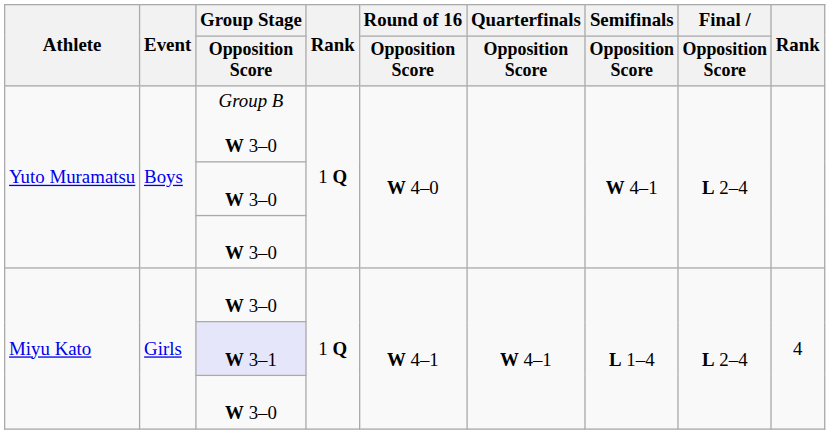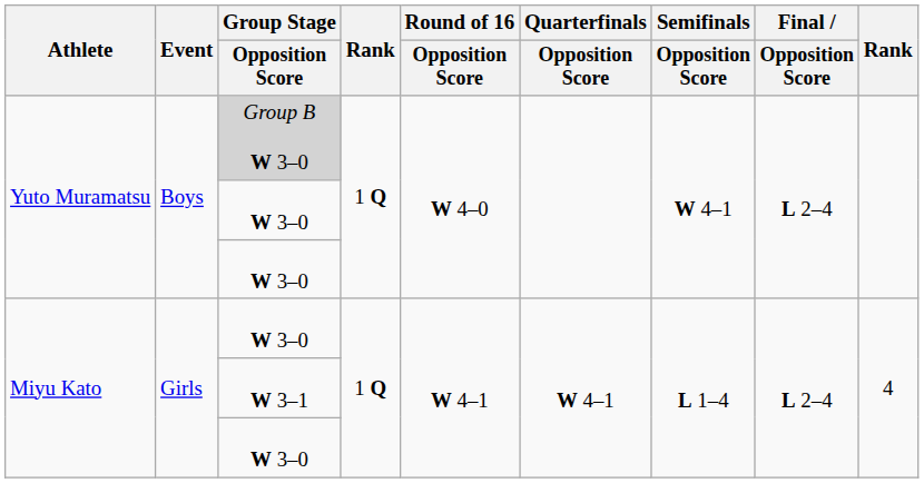 <table class=wikitable style="font-size:90%">
 <tr>
 <th rowspan="2">Athlete</th>
 <th rowspan="2">Event</th>
 <th>Group Stage</th>
 <th rowspan="2">Rank</th>
 <th>Round of 16</th>
 <th>Quarterfinals</th>
 <th>Semifinals</th>
 <th>Final / </th>
 <th rowspan=2>Rank</th>
 </tr>
 <tr style="font-size:95%">
 <th>Opposition<br>Score</th>
 <th>Opposition<br>Score</th>
 <th>Opposition<br>Score</th>
 <th>Opposition<br>Score</th>
 <th>Opposition<br>Score</th>
 </tr>
 <tr align=center>
 <td align=left rowspan=3><a href='#'>Yuto Muramatsu</a></td>
 <td align=left rowspan=3><a href='#'>Boys</a></td>
-<td><em>Group B</em><br><br><strong>W</strong> 3–0</td>
+<td style="background: lightgrey;"><em>Group B</em><br><br><strong>W</strong> 3–0</td>
 <td rowspan=3>1 <strong>Q</strong></td>
 <td rowspan=3><br><strong>W</strong> 4–0</td>
 <td rowspan=3></td>
 <td rowspan=3><br><strong>W</strong> 4–1</td>
 <td rowspan=3><br><strong>L</strong> 2–4</td>
 <td rowspan=3></td>
 </tr>
 <tr align=center>
 <td><br><strong>W</strong> 3–0</td>
 </tr>
 <tr align=center>
 <td><br><strong>W</strong> 3–0</td>
 </tr>
 <tr align=center>
 <td align=left rowspan=3><a href='#'>Miyu Kato</a></td>
 <td align=left rowspan=3><a href='#'>Girls</a></td>
 <td><br><strong>W</strong> 3–0</td>
 <td rowspan=3>1 <strong>Q</strong></td>
 <td rowspan=3><br><strong>W</strong> 4–1</td>
 <td rowspan=3><br><strong>W</strong> 4–1</td>
 <td rowspan=3><br><strong>L</strong> 1–4</td>
 <td rowspan=3><br><strong>L</strong> 2–4</td>
 <td rowspan=3>4</td>
 </tr>
 <tr align=center>
-<td style="background: lavender;"><br><strong>W</strong> 3–1</td>
+<td><br><strong>W</strong> 3–1</td>
 </tr>
 <tr align=center>
 <td><br><strong>W</strong> 3–0</td>
 </tr>
 </table>
